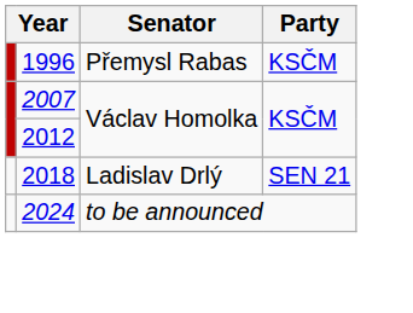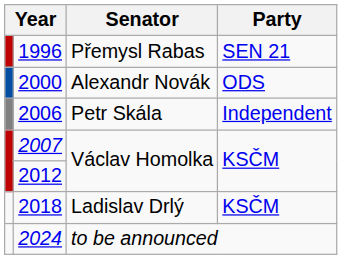 <table class="wikitable">
 <tr>
 <th colspan="2">Year</th>
 <th>Senator</th>
 <th>Party</th>
 </tr>
 <tr>
 <td style="background-color:#bf0202;"></td>
 <td><a href='#'>1996</a></td>
 <td>Přemysl Rabas</td>
-<td><a href='#'>KSČM</a></td>
+<td><a href='#'>SEN 21</a></td>
+</tr>
+<tr>
+<td style="background-color:#034EA2;"></td>
+<td><a href='#'>2000</a></td>
+<td>Alexandr Novák</td>
+<td><a href='#'>ODS</a></td>
+</tr>
+<tr>
+<td style="background-color:gray;"></td>
+<td><a href='#'>2006</a></td>
+<td>Petr Skála</td>
+<td><a href='#'>Independent</a></td>
 </tr>
 <tr>
 <td rowspan="2" style="background-color:#bf0202;"></td>
 <td><em><a href='#'>2007</a></em></td>
 <td rowspan="2">Václav Homolka</td>
 <td rowspan="2"><a href='#'>KSČM</a></td>
 </tr>
 <tr>
 <td><a href='#'>2012</a></td>
 </tr>
 <tr>
 <td style="background-color:"></td>
 <td><a href='#'>2018</a></td>
 <td>Ladislav Drlý</td>
-<td><a href='#'>SEN 21</a></td>
+<td><a href='#'>KSČM</a></td>
 </tr>
 <tr>
 <td></td>
 <td><em><a href='#'>2024</a></em></td>
 <td colspan="2"><em>to be announced</em></td>
 </tr>
 </table>
